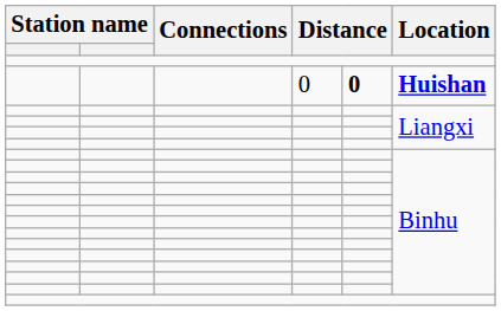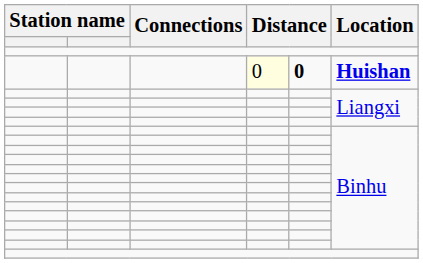 <table class="wikitable">
 <tr>
 <th colspan="2">Station name</th>
 <th rowspan="2">Connections</th>
 <th colspan="2" rowspan="2">Distance<br></th>
 <th rowspan="2">Location</th>
 </tr>
 <tr>
 <th></th>
 <th></th>
 </tr>
 <tr style="background:#">
 <td colspan = "6"></td>
 </tr>
 <tr>
 <td></td>
 <td></td>
 <td></td>
-<td>0</td>
+<td style="background: lightyellow;">0</td>
 <td><strong>0</strong></td>
 <td><strong><a href='#'>Huishan</a></strong></td>
 </tr>
 <tr>
 <td></td>
 <td></td>
 <td></td>
 <td></td>
 <td></td>
 <td rowspan="4"><a href='#'>Liangxi</a></td>
 </tr>
 <tr>
 <td></td>
 <td></td>
 <td></td>
 <td></td>
 <td></td>
 </tr>
 <tr>
 <td></td>
 <td></td>
 <td></td>
 <td></td>
 <td></td>
 </tr>
 <tr>
 <td></td>
 <td></td>
 <td></td>
 <td></td>
 <td></td>
 </tr>
 <tr>
 <td></td>
 <td></td>
 <td></td>
 <td></td>
 <td></td>
 <td rowspan="13"><a href='#'>Binhu</a></td>
 </tr>
 <tr>
 <td></td>
 <td></td>
 <td></td>
 <td></td>
 <td></td>
 </tr>
 <tr>
 <td></td>
 <td></td>
 <td></td>
 <td></td>
 <td></td>
 </tr>
 <tr>
 <td></td>
 <td></td>
 <td></td>
 <td></td>
 <td></td>
 </tr>
 <tr>
 <td></td>
 <td></td>
 <td></td>
 <td></td>
 <td></td>
 </tr>
 <tr>
 <td></td>
 <td></td>
 <td></td>
 <td></td>
 <td></td>
 </tr>
 <tr>
 <td></td>
 <td></td>
 <td></td>
 <td></td>
 <td></td>
 </tr>
 <tr>
 <td></td>
 <td></td>
 <td></td>
 <td></td>
 <td></td>
 </tr>
 <tr>
 <td></td>
 <td></td>
 <td></td>
 <td></td>
 <td></td>
 </tr>
 <tr>
 <td></td>
 <td></td>
 <td></td>
 <td></td>
 <td></td>
 </tr>
 <tr>
 <td></td>
 <td></td>
 <td></td>
 <td></td>
 <td></td>
 </tr>
 <tr>
 <td></td>
 <td></td>
 <td></td>
 <td></td>
 <td></td>
 </tr>
 <tr>
 <td></td>
 <td></td>
 <td></td>
 <td></td>
 <td></td>
 </tr>
 <tr style="background:#">
 <td colspan = "6"></td>
 </tr>
 </table>
